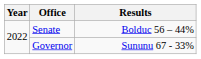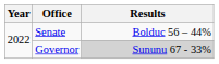 <table class="wikitable">
 <tr>
 <th width="30">Year</th>
 <th width="60">Office</th>
 <th width="180">Results</th>
 </tr>
 <tr>
 <td rowspan="2">2022</td>
 <td><a href='#'>Senate</a></td>
 <td align="right" ><a href='#'>Bolduc</a> 56 – 44%</td>
 </tr>
 <tr>
 <td><a href='#'>Governor</a></td>
-<td align="right" ><a href='#'>Sununu</a> 67 - 33%</td>
+<td align="right"  style="background: lightgrey;"><a href='#'>Sununu</a> 67 - 33%</td>
 </tr>
 </table>
